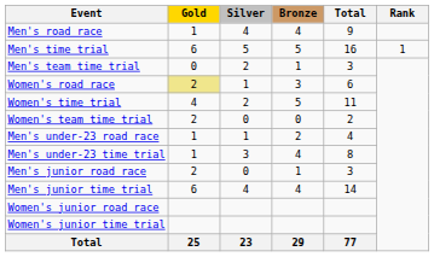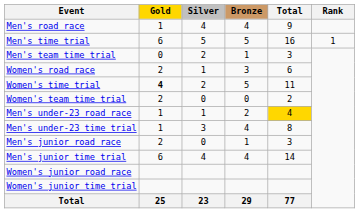 <table class="wikitable sortable" border="1" style="text-align:center; font-size:90%;">
 <tr>
 <th style="width:15:em;">Event</th>
 <td style="background:gold; width:4.5em; font-weight:bold;">Gold</td>
 <td style="background:silver; width:4.5em; font-weight:bold;">Silver</td>
 <td style="background:#cc9966; width:4.5em; font-weight:bold;">Bronze</td>
 <th style="width:4.5em;">Total</th>
 <th style="width:4.5em;">Rank</th>
 </tr>
 <tr>
 <td align=left><a href='#'>Men's road race</a></td>
 <td>1</td>
 <td>4</td>
 <td>4</td>
 <td>9</td>
 </tr>
 <tr>
 <td align=left><a href='#'>Men's time trial</a></td>
 <td>6</td>
 <td>5</td>
 <td>5</td>
 <td>16</td>
 <td>1</td>
 </tr>
 <tr>
 <td align=left><a href='#'>Men's team time trial</a></td>
 <td>0</td>
 <td>2</td>
 <td>1</td>
 <td>3</td>
 </tr>
 <tr>
 <td align=left><a href='#'>Women's road race</a></td>
-<td style="background: khaki;">2</td>
+<td>2</td>
 <td>1</td>
 <td>3</td>
 <td>6</td>
 </tr>
 <tr>
 <td align=left><a href='#'>Women's time trial</a></td>
-<td>4</td>
+<td><strong>4</strong></td>
 <td>2</td>
 <td>5</td>
 <td>11</td>
 </tr>
 <tr>
 <td align=left><a href='#'>Women's team time trial</a></td>
 <td>2</td>
 <td>0</td>
 <td>0</td>
 <td>2</td>
 </tr>
 <tr>
 <td align=left><a href='#'>Men's under-23 road race</a></td>
 <td>1</td>
 <td>1</td>
 <td>2</td>
-<td>4</td>
+<td style="background: gold;">4</td>
 </tr>
 <tr>
 <td align=left><a href='#'>Men's under-23 time trial</a></td>
 <td>1</td>
 <td>3</td>
 <td>4</td>
 <td>8</td>
 </tr>
 <tr>
 <td align=left><a href='#'>Men's junior road race</a></td>
 <td>2</td>
 <td>0</td>
 <td>1</td>
 <td>3</td>
 </tr>
 <tr>
 <td align=left><a href='#'>Men's junior time trial</a></td>
 <td>6</td>
 <td>4</td>
 <td>4</td>
 <td>14</td>
 </tr>
 <tr>
 <td align=left><a href='#'>Women's junior road race</a></td>
 <td></td>
 <td></td>
 <td></td>
 <td></td>
 </tr>
 <tr>
 <td align=left><a href='#'>Women's junior time trial</a></td>
 <td></td>
 <td></td>
 <td></td>
 <td></td>
 </tr>
 <tr>
 <th>Total</th>
 <th>25</th>
 <th>23</th>
 <th>29</th>
 <th>77</th>
 </tr>
 </table>
